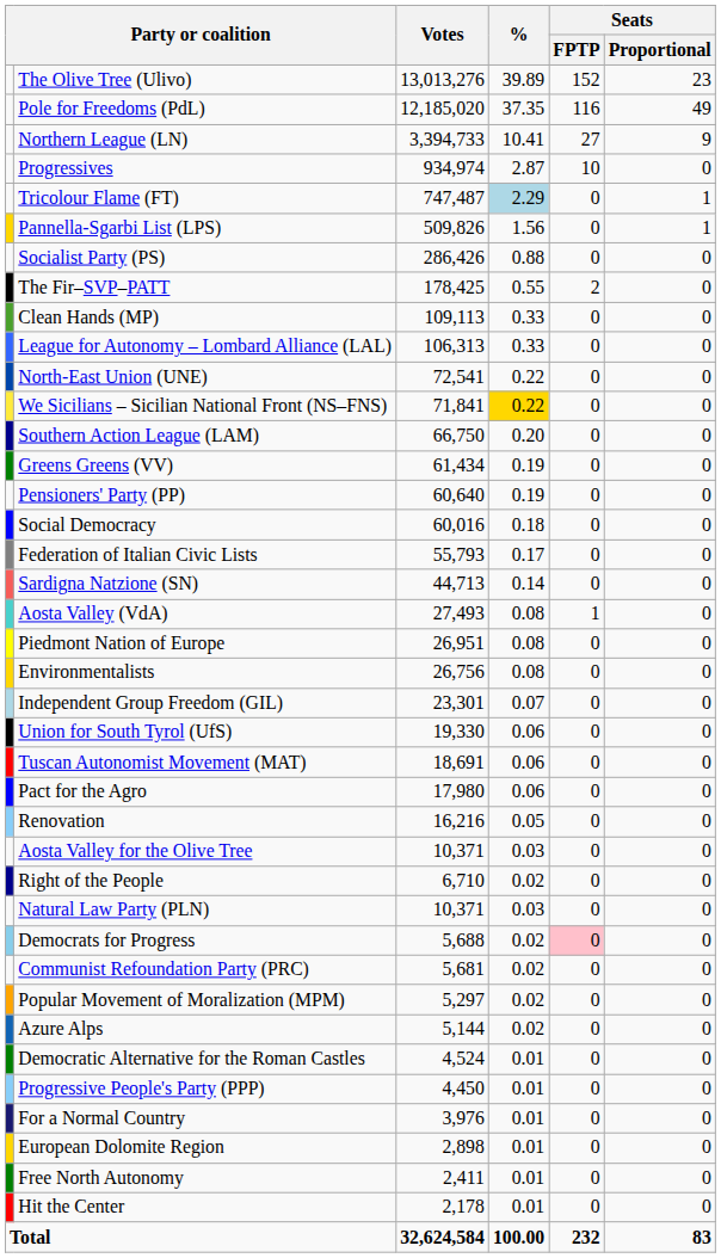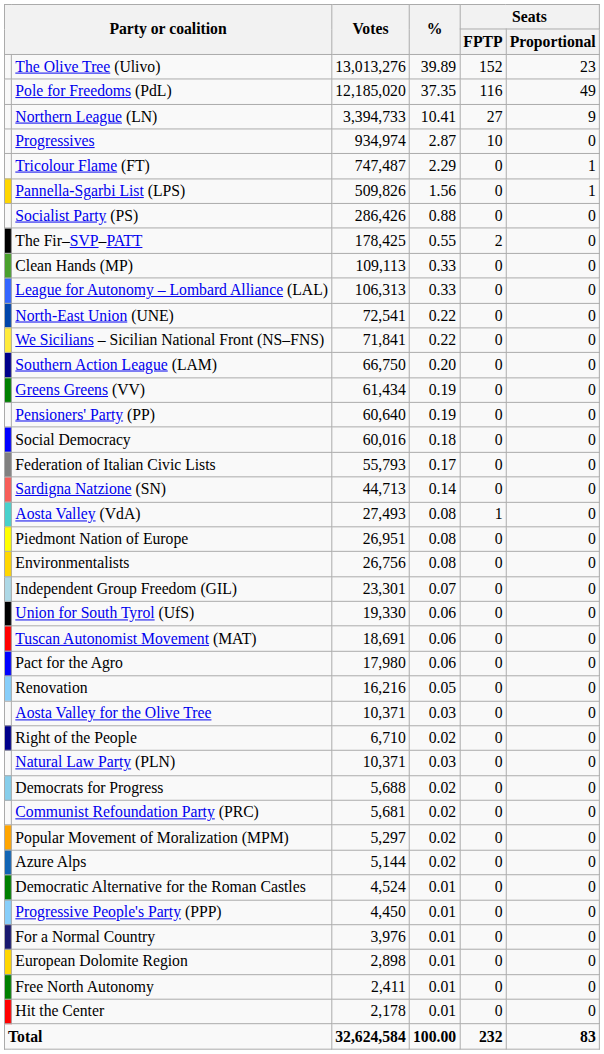 <table class="wikitable" style="text-align:right">
 <tr>
 <th align=left colspan=2 rowspan=2>Party or coalition</th>
 <th rowspan=2>Votes</th>
 <th rowspan=2>%</th>
 <th colspan="2" align="center" valign=top>Seats</th>
 </tr>
 <tr>
 <th style="background-color:" align="center" valign=bottom>FPTP</th>
 <th style="background-color:" align="center" valign=bottom>Proportional</th>
 </tr>
 <tr>
 <td style="background:"></td>
 <td align=left><a href='#'>The Olive Tree</a> (Ulivo)</td>
 <td>13,013,276</td>
 <td>39.89</td>
 <td>152</td>
 <td>23</td>
 </tr>
 <tr>
 <td style="background:"></td>
 <td align=left><a href='#'>Pole for Freedoms</a> (PdL)</td>
 <td>12,185,020</td>
 <td>37.35</td>
 <td>116</td>
 <td>49</td>
 </tr>
 <tr>
 <td style="background:"></td>
 <td align=left><a href='#'>Northern League</a> (LN)</td>
 <td>3,394,733</td>
 <td>10.41</td>
 <td>27</td>
 <td>9</td>
 </tr>
 <tr>
 <td style="background:"></td>
 <td align=left><a href='#'>Progressives</a></td>
 <td>934,974</td>
 <td>2.87</td>
 <td>10</td>
 <td>0</td>
 </tr>
 <tr>
 <td style="background:"></td>
 <td align=left><a href='#'>Tricolour Flame</a> (FT)</td>
 <td>747,487</td>
-<td style="background: lightblue;">2.29</td>
+<td>2.29</td>
 <td>0</td>
 <td>1</td>
 </tr>
 <tr>
 <td style="background:gold;"></td>
 <td align=left><a href='#'>Pannella-Sgarbi List</a> (LPS)</td>
 <td>509,826</td>
 <td>1.56</td>
 <td>0</td>
 <td>1</td>
 </tr>
 <tr>
 <td style="background:"></td>
 <td align=left><a href='#'>Socialist Party</a> (PS)</td>
 <td>286,426</td>
 <td>0.88</td>
 <td>0</td>
 <td>0</td>
 </tr>
 <tr>
 <td style="background:black;"></td>
 <td align=left>The Fir–<a href='#'>SVP</a>–<a href='#'>PATT</a></td>
 <td>178,425</td>
 <td>0.55</td>
 <td>2</td>
 <td>0</td>
 </tr>
 <tr>
 <td style="background:#4AA02C;"></td>
 <td align=left>Clean Hands (MP)</td>
 <td>109,113</td>
 <td>0.33</td>
 <td>0</td>
 <td>0</td>
 </tr>
 <tr>
 <td style="background:#36f;"></td>
 <td align=left><a href='#'>League for Autonomy – Lombard Alliance</a> (LAL)</td>
 <td>106,313</td>
 <td>0.33</td>
 <td>0</td>
 <td>0</td>
 </tr>
 <tr>
 <td style="background:#0045AA;"></td>
 <td align=left><a href='#'>North-East Union</a> (UNE)</td>
 <td>72,541</td>
 <td>0.22</td>
 <td>0</td>
 <td>0</td>
 </tr>
 <tr>
 <td style="background:#FFEB3B;"></td>
 <td align=left><a href='#'>We Sicilians</a> – Sicilian National Front (NS–FNS)</td>
 <td>71,841</td>
-<td style="background: gold;">0.22</td>
+<td>0.22</td>
 <td>0</td>
 <td>0</td>
 </tr>
 <tr>
 <td style="background:darkblue;"></td>
 <td align=left><a href='#'>Southern Action League</a> (LAM)</td>
 <td>66,750</td>
 <td>0.20</td>
 <td>0</td>
 <td>0</td>
 </tr>
 <tr>
 <td style="background:green;"></td>
 <td align=left><a href='#'>Greens Greens</a> (VV)</td>
 <td>61,434</td>
 <td>0.19</td>
 <td>0</td>
 <td>0</td>
 </tr>
 <tr>
 <td style="background:"></td>
 <td align=left><a href='#'>Pensioners' Party</a> (PP)</td>
 <td>60,640</td>
 <td>0.19</td>
 <td>0</td>
 <td>0</td>
 </tr>
 <tr>
 <td style="background:blue;"></td>
 <td align=left>Social Democracy</td>
 <td>60,016</td>
 <td>0.18</td>
 <td>0</td>
 <td>0</td>
 </tr>
 <tr>
 <td style="background:grey;"></td>
 <td align=left>Federation of Italian Civic Lists</td>
 <td>55,793</td>
 <td>0.17</td>
 <td>0</td>
 <td>0</td>
 </tr>
 <tr>
 <td style="background:#F75D59;"></td>
 <td align=left><a href='#'>Sardigna Natzione</a> (SN)</td>
 <td>44,713</td>
 <td>0.14</td>
 <td>0</td>
 <td>0</td>
 </tr>
 <tr>
 <td style="background:#48D1CC;"></td>
 <td align=left><a href='#'>Aosta Valley</a> (VdA)</td>
 <td>27,493</td>
 <td>0.08</td>
 <td>1</td>
 <td>0</td>
 </tr>
 <tr>
 <td style="background:yellow;"></td>
 <td align=left>Piedmont Nation of Europe</td>
 <td>26,951</td>
 <td>0.08</td>
 <td>0</td>
 <td>0</td>
 </tr>
 <tr>
 <td style="background:gold;"></td>
 <td align=left>Environmentalists</td>
 <td>26,756</td>
 <td>0.08</td>
 <td>0</td>
 <td>0</td>
 </tr>
 <tr>
 <td style="background:lightblue;"></td>
 <td align=left>Independent Group Freedom (GIL)</td>
 <td>23,301</td>
 <td>0.07</td>
 <td>0</td>
 <td>0</td>
 </tr>
 <tr>
 <td style="background:black;"></td>
 <td align=left><a href='#'>Union for South Tyrol</a> (UfS)</td>
 <td>19,330</td>
 <td>0.06</td>
 <td>0</td>
 <td>0</td>
 </tr>
 <tr>
 <td style="background:red;"></td>
 <td align=left><a href='#'>Tuscan Autonomist Movement</a> (MAT)</td>
 <td>18,691</td>
 <td>0.06</td>
 <td>0</td>
 <td>0</td>
 </tr>
 <tr>
 <td style="background:blue;"></td>
 <td align=left>Pact for the Agro</td>
 <td>17,980</td>
 <td>0.06</td>
 <td>0</td>
 <td>0</td>
 </tr>
 <tr>
 <td style="background:lightskyblue;"></td>
 <td align=left>Renovation</td>
 <td>16,216</td>
 <td>0.05</td>
 <td>0</td>
 <td>0</td>
 </tr>
 <tr>
 <td style="background:"></td>
 <td align=left><a href='#'>Aosta Valley for the Olive Tree</a></td>
 <td>10,371</td>
 <td>0.03</td>
 <td>0</td>
 <td>0</td>
 </tr>
 <tr>
 <td style="background:darkblue;"></td>
 <td align=left>Right of the People</td>
 <td>6,710</td>
 <td>0.02</td>
 <td>0</td>
 <td>0</td>
 </tr>
 <tr>
 <td style="background:"></td>
 <td align=left><a href='#'>Natural Law Party</a> (PLN)</td>
 <td>10,371</td>
 <td>0.03</td>
 <td>0</td>
 <td>0</td>
 </tr>
 <tr>
 <td style="background:#87CEEB;"></td>
 <td align=left>Democrats for Progress</td>
 <td>5,688</td>
 <td>0.02</td>
-<td style="background: pink;">0</td>
+<td>0</td>
 <td>0</td>
 </tr>
 <tr>
 <td style="background:"></td>
 <td align=left><a href='#'>Communist Refoundation Party</a> (PRC)</td>
 <td>5,681</td>
 <td>0.02</td>
 <td>0</td>
 <td>0</td>
 </tr>
 <tr>
 <td style="background:orange;"></td>
 <td align=left>Popular Movement of Moralization (MPM)</td>
 <td>5,297</td>
 <td>0.02</td>
 <td>0</td>
 <td>0</td>
 </tr>
 <tr>
 <td style="background:#1164B4;"></td>
 <td align=left>Azure Alps</td>
 <td>5,144</td>
 <td>0.02</td>
 <td>0</td>
 <td>0</td>
 </tr>
 <tr>
 <td style="background:green;"></td>
 <td align=left>Democratic Alternative for the Roman Castles</td>
 <td>4,524</td>
 <td>0.01</td>
 <td>0</td>
 <td>0</td>
 </tr>
 <tr>
 <td style="background:lightskyblue;"></td>
 <td align=left><a href='#'>Progressive People's Party</a> (PPP)</td>
 <td>4,450</td>
 <td>0.01</td>
 <td>0</td>
 <td>0</td>
 </tr>
 <tr>
 <td style="background:midnightblue;"></td>
 <td align=left>For a Normal Country</td>
 <td>3,976</td>
 <td>0.01</td>
 <td>0</td>
 <td>0</td>
 </tr>
 <tr>
 <td style="background:gold;"></td>
 <td align=left>European Dolomite Region</td>
 <td>2,898</td>
 <td>0.01</td>
 <td>0</td>
 <td>0</td>
 </tr>
 <tr>
 <td style="background:green;"></td>
 <td align=left>Free North Autonomy</td>
 <td>2,411</td>
 <td>0.01</td>
 <td>0</td>
 <td>0</td>
 </tr>
 <tr>
 <td style="background:red;"></td>
 <td align=left>Hit the Center</td>
 <td>2,178</td>
 <td>0.01</td>
 <td>0</td>
 <td>0</td>
 </tr>
 <tr>
 <td colspan=2 align=left><strong>Total</strong></td>
 <td><strong>32,624,584</strong></td>
 <td><strong>100.00</strong></td>
 <td><strong>232</strong></td>
 <td><strong>83</strong></td>
 </tr>
 </table>
